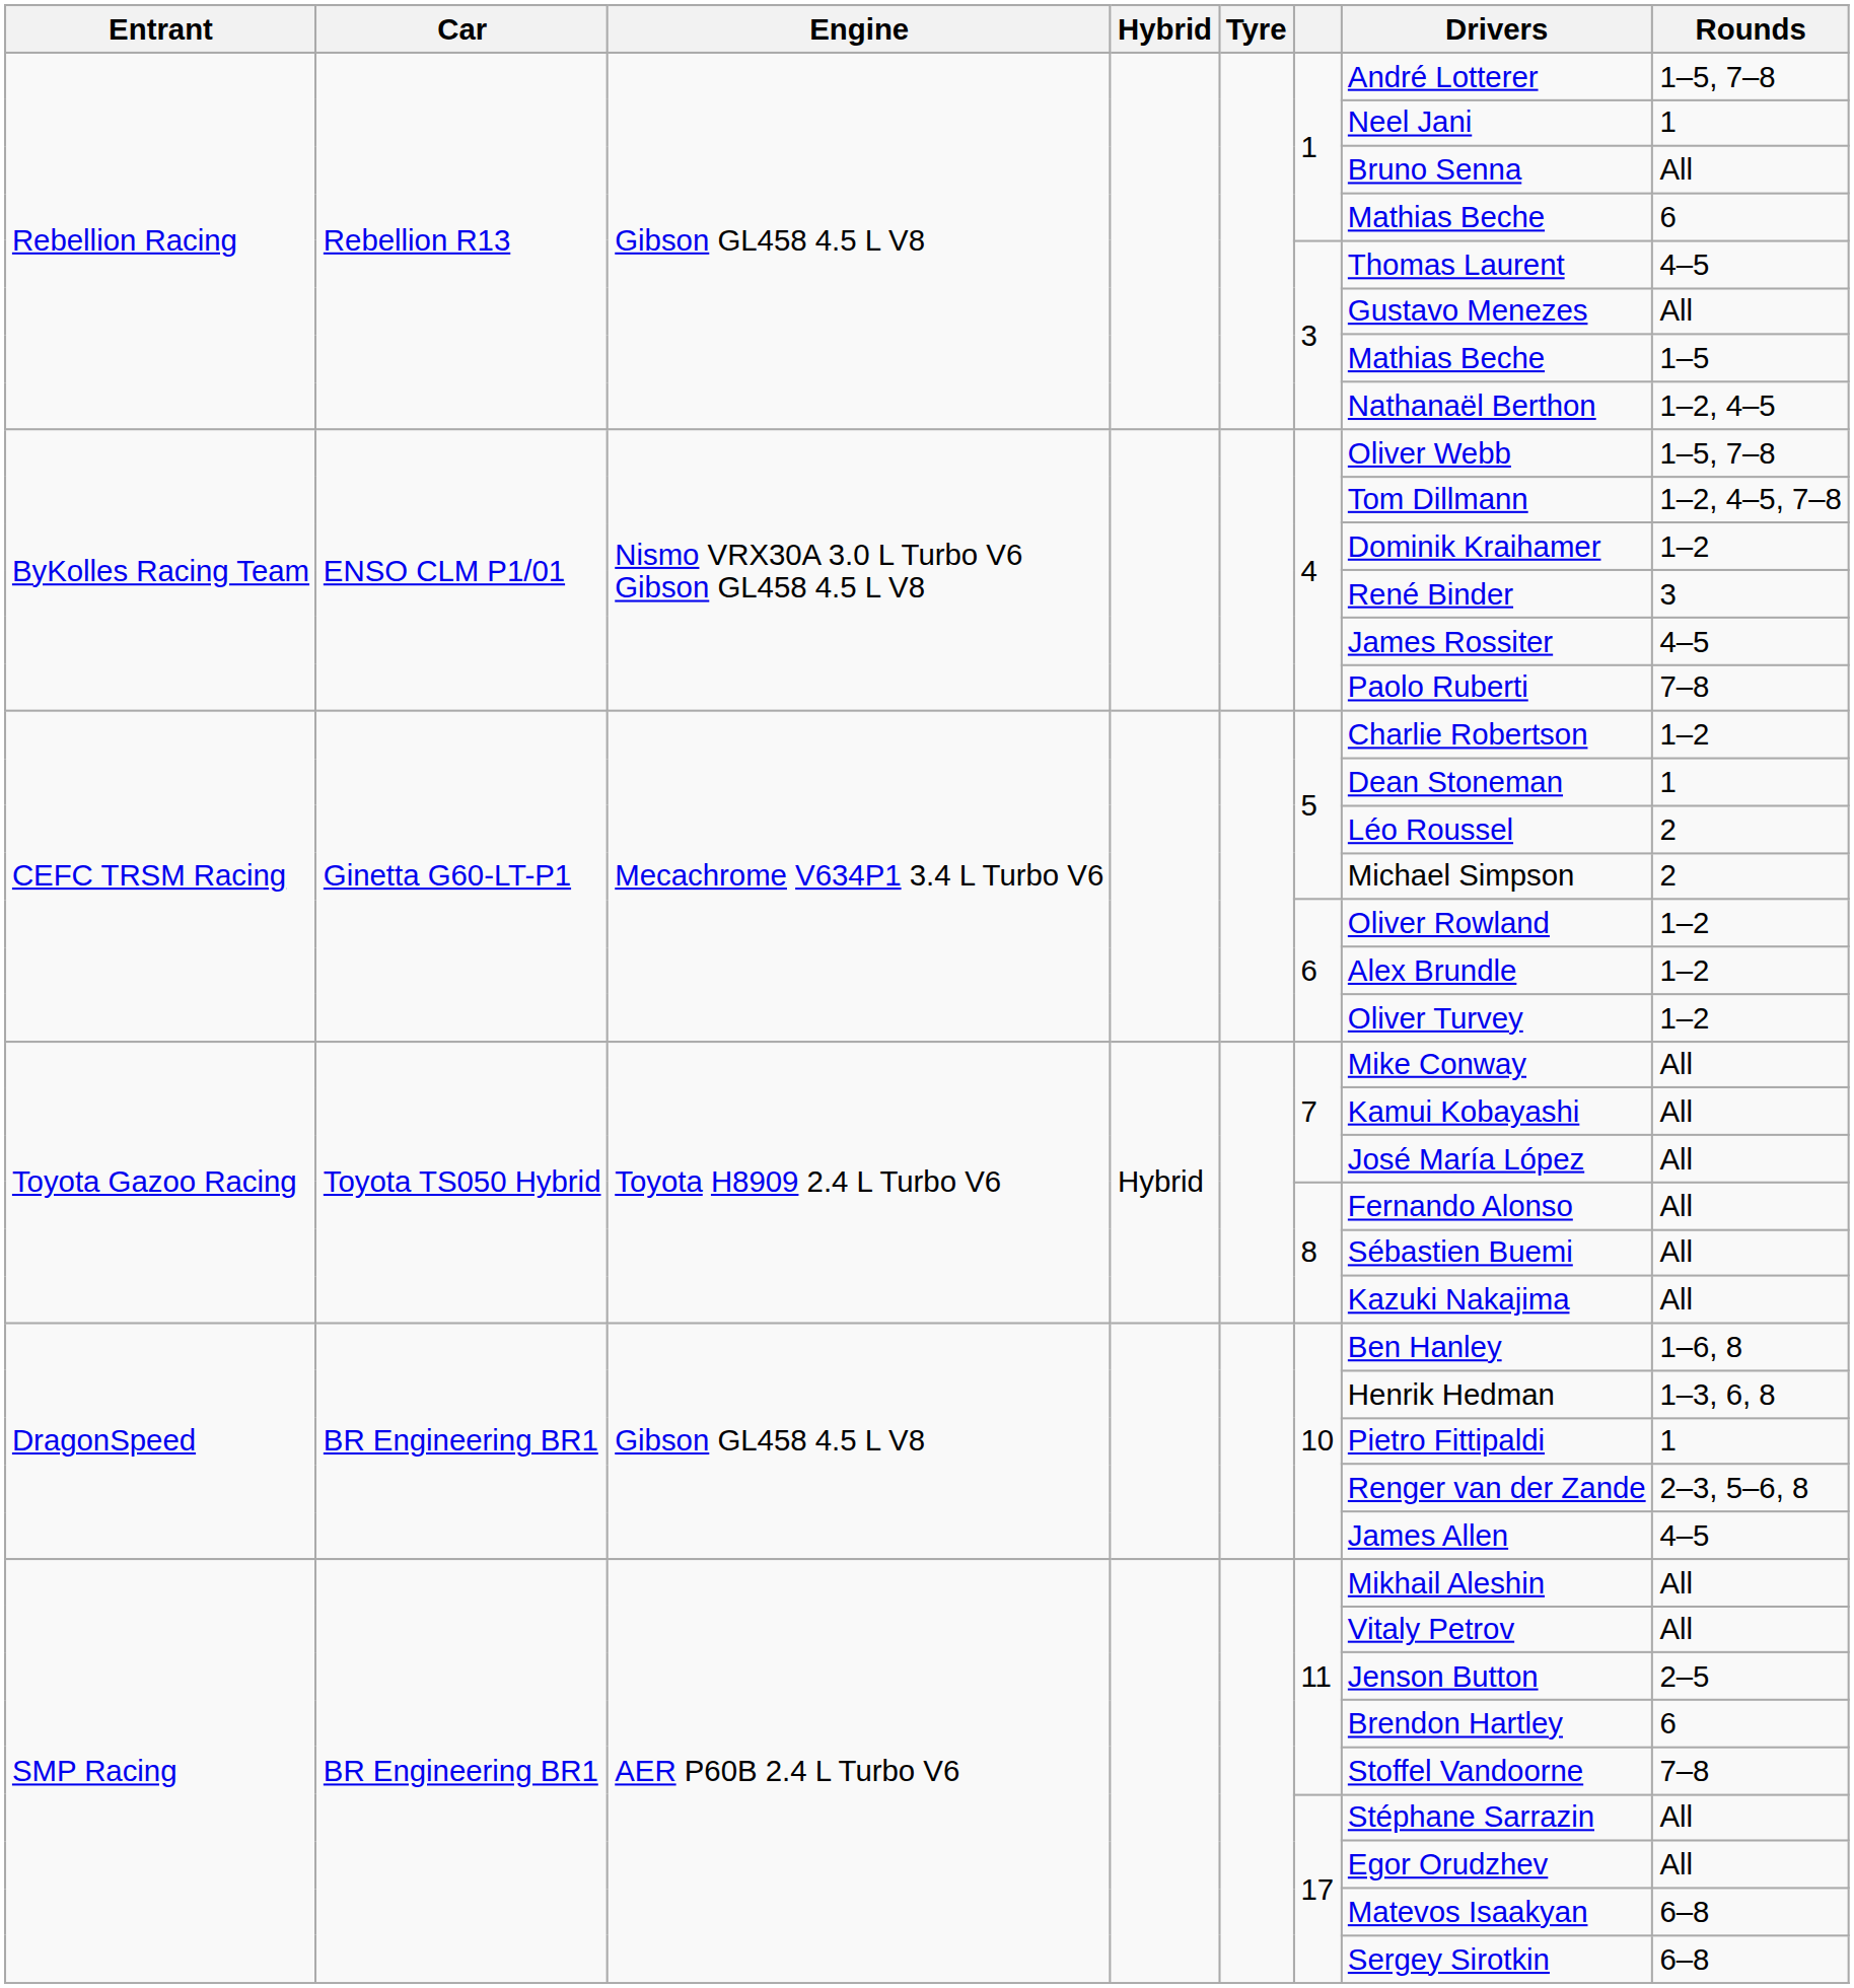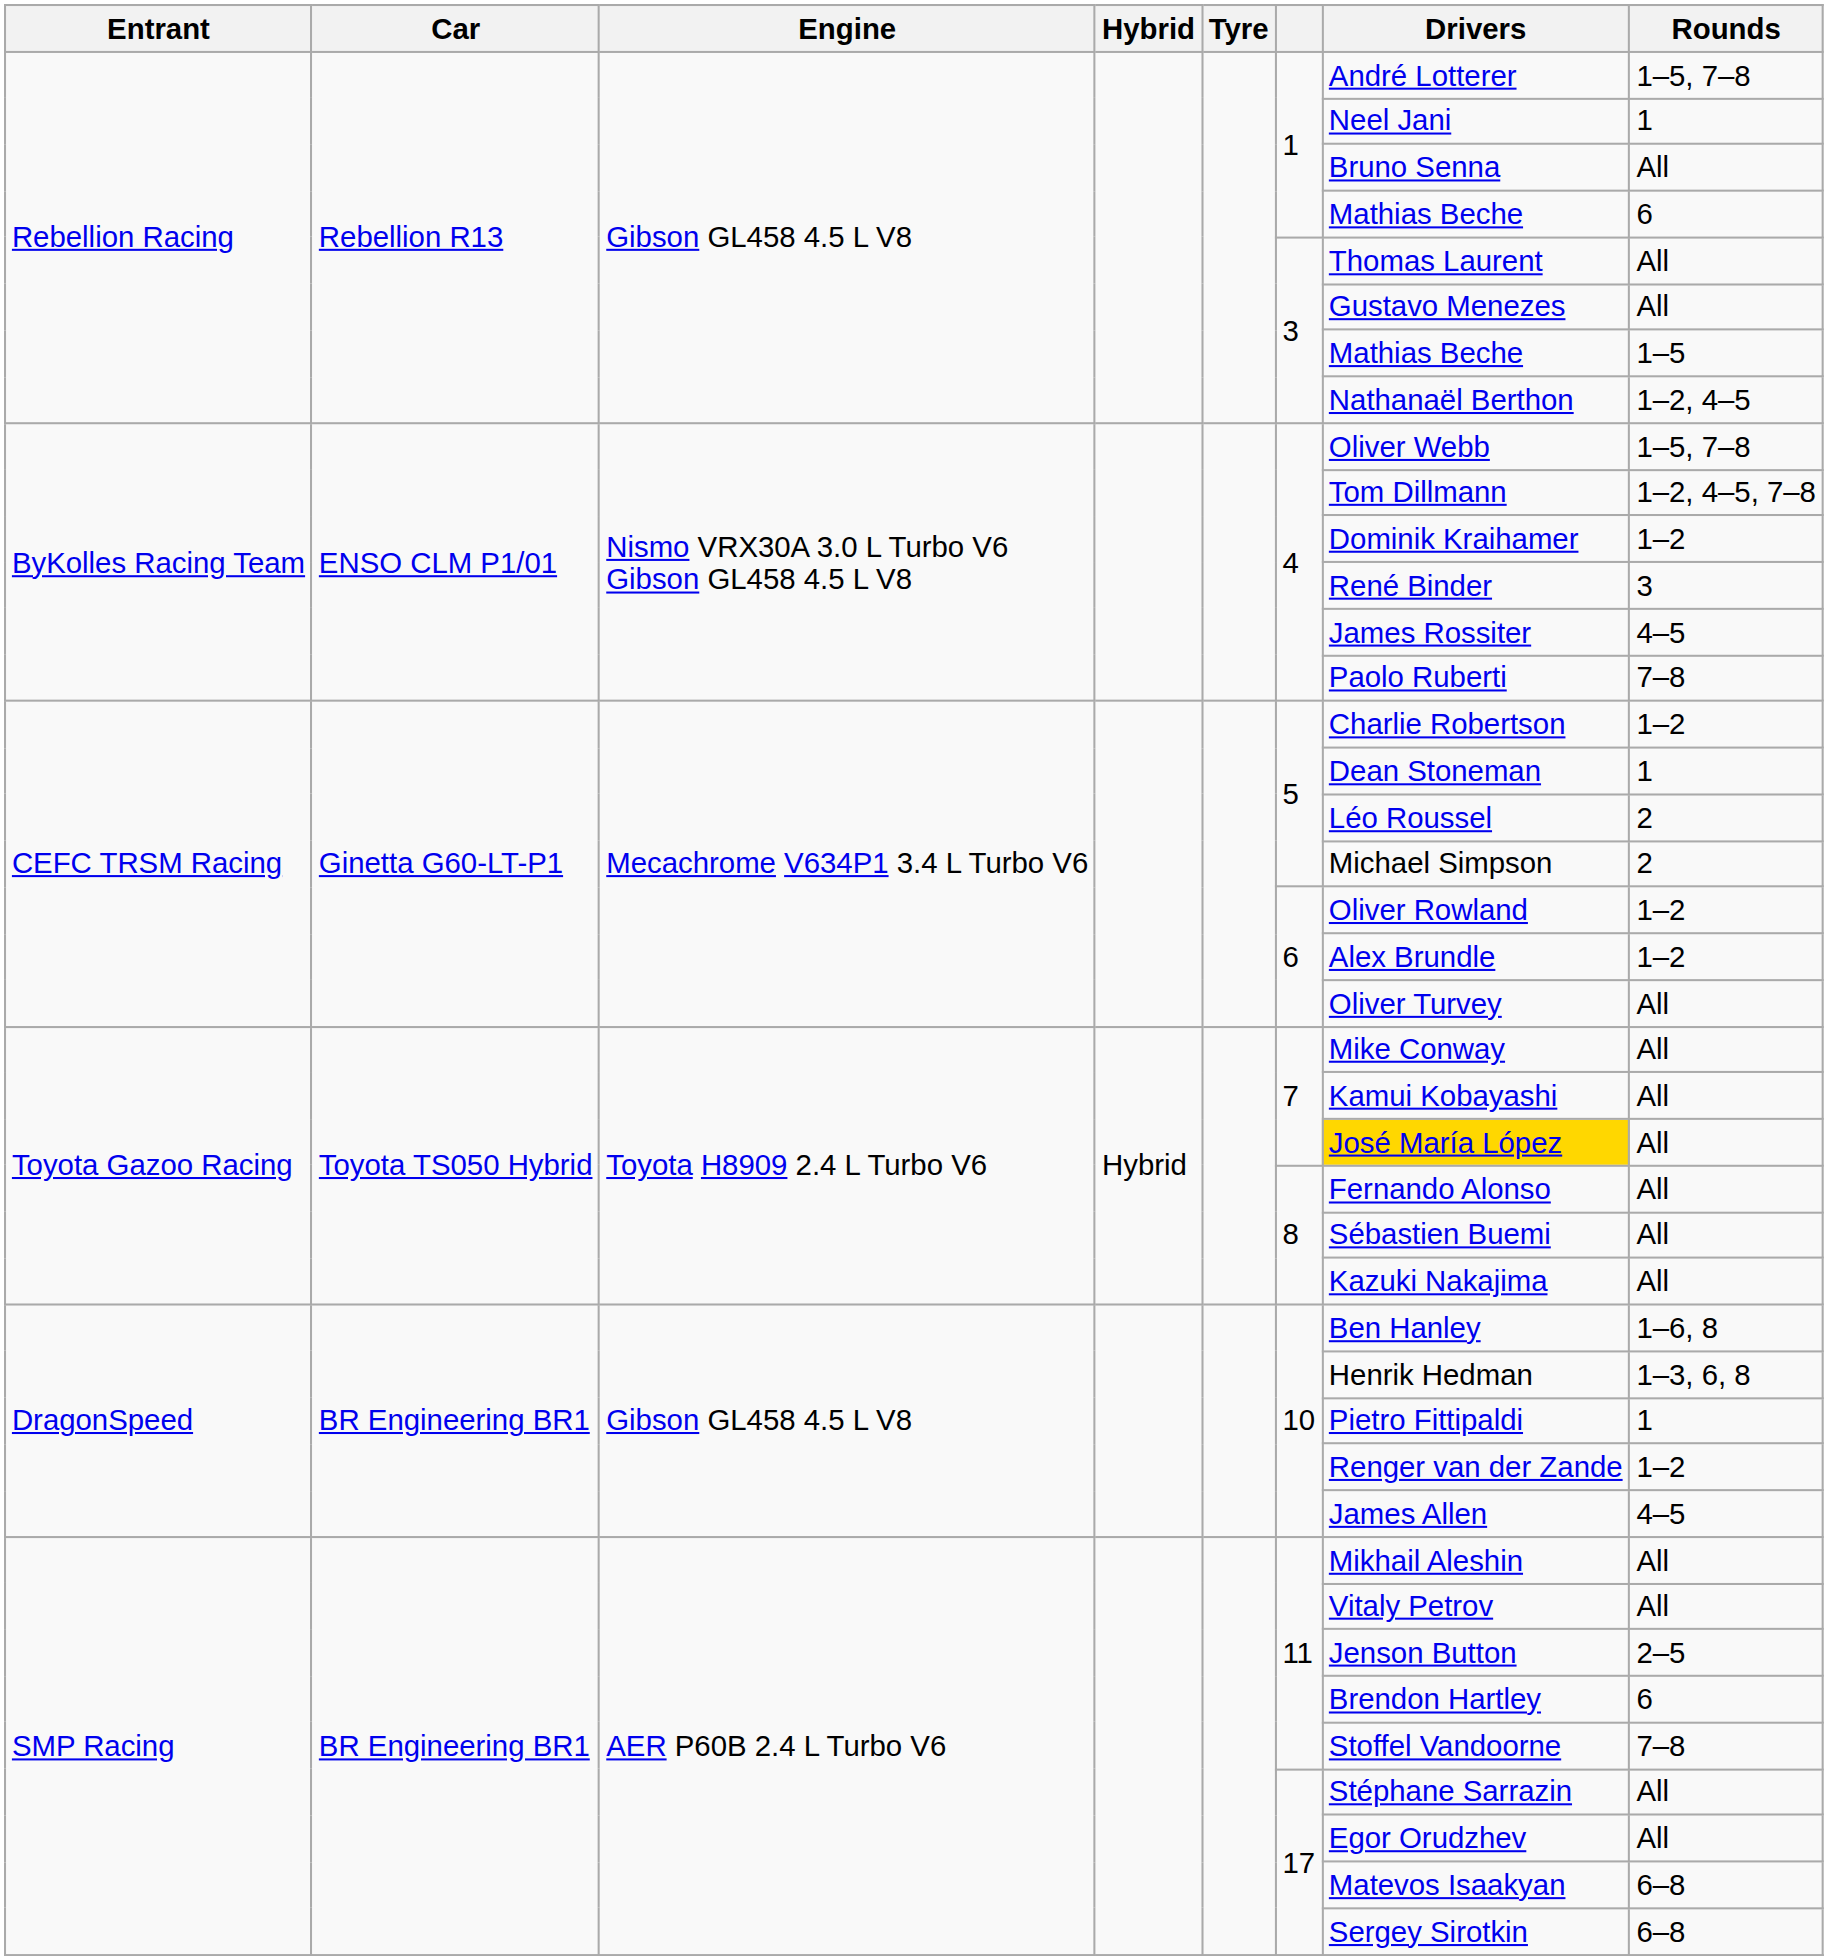 <table class="wikitable" style="font-size: 90%">
 <tr>
 <th>Entrant</th>
 <th>Car</th>
 <th>Engine</th>
 <th>Hybrid</th>
 <th>Tyre</th>
 <th></th>
 <th>Drivers</th>
 <th>Rounds</th>
 </tr>
 <tr>
 <td rowspan=8> <a href='#'>Rebellion Racing</a></td>
 <td rowspan=8><a href='#'>Rebellion R13</a></td>
 <td rowspan=8><a href='#'>Gibson</a> GL458 4.5 L V8</td>
 <td rowspan=8></td>
 <td rowspan=8></td>
 <td rowspan=4>1</td>
 <td> <a href='#'>André Lotterer</a></td>
 <td>1–5, 7–8</td>
 </tr>
 <tr>
 <td> <a href='#'>Neel Jani</a></td>
 <td>1</td>
 </tr>
 <tr>
 <td> <a href='#'>Bruno Senna</a></td>
 <td>All</td>
 </tr>
 <tr>
 <td> <a href='#'>Mathias Beche</a></td>
 <td>6</td>
 </tr>
 <tr>
 <td rowspan=4>3</td>
 <td> <a href='#'>Thomas Laurent</a></td>
-<td>4–5</td>
+<td>All</td>
 </tr>
 <tr>
 <td> <a href='#'>Gustavo Menezes</a></td>
 <td>All</td>
 </tr>
 <tr>
 <td> <a href='#'>Mathias Beche</a></td>
 <td>1–5</td>
 </tr>
 <tr>
 <td> <a href='#'>Nathanaël Berthon</a></td>
 <td>1–2, 4–5</td>
 </tr>
 <tr>
 <td rowspan=6> <a href='#'>ByKolles Racing Team</a></td>
 <td rowspan=6><a href='#'>ENSO CLM P1/01</a></td>
 <td rowspan=6><a href='#'>Nismo</a> VRX30A 3.0 L Turbo V6<br><a href='#'>Gibson</a> GL458 4.5 L V8</td>
 <td rowspan=6></td>
 <td rowspan=6></td>
 <td rowspan=6>4</td>
 <td> <a href='#'>Oliver Webb</a></td>
 <td>1–5, 7–8</td>
 </tr>
 <tr>
 <td> <a href='#'>Tom Dillmann</a></td>
 <td>1–2, 4–5, 7–8</td>
 </tr>
 <tr>
 <td> <a href='#'>Dominik Kraihamer</a></td>
 <td>1–2</td>
 </tr>
 <tr>
 <td> <a href='#'>René Binder</a></td>
 <td>3</td>
 </tr>
 <tr>
 <td> <a href='#'>James Rossiter</a></td>
 <td>4–5</td>
 </tr>
 <tr>
 <td> <a href='#'>Paolo Ruberti</a></td>
 <td>7–8</td>
 </tr>
 <tr>
 <td rowspan=7> <a href='#'>CEFC TRSM Racing</a></td>
 <td rowspan=7><a href='#'>Ginetta G60-LT-P1</a></td>
 <td rowspan=7><a href='#'>Mecachrome</a> <a href='#'>V634P1</a> 3.4 L Turbo V6<br></td>
 <td rowspan=7></td>
 <td rowspan=7></td>
 <td rowspan=4>5</td>
 <td> <a href='#'>Charlie Robertson</a></td>
 <td>1–2</td>
 </tr>
 <tr>
 <td> <a href='#'>Dean Stoneman</a></td>
 <td>1</td>
 </tr>
 <tr>
 <td> <a href='#'>Léo Roussel</a></td>
 <td>2</td>
 </tr>
 <tr>
 <td> Michael Simpson</td>
 <td>2</td>
 </tr>
 <tr>
 <td rowspan=3>6</td>
 <td> <a href='#'>Oliver Rowland</a></td>
 <td>1–2</td>
 </tr>
 <tr>
 <td> <a href='#'>Alex Brundle</a></td>
 <td>1–2</td>
 </tr>
 <tr>
 <td> <a href='#'>Oliver Turvey</a></td>
-<td>1–2</td>
+<td>All</td>
 </tr>
 <tr>
 <td rowspan=6> <a href='#'>Toyota Gazoo Racing</a></td>
 <td rowspan=6><a href='#'>Toyota TS050 Hybrid</a></td>
 <td rowspan=6><a href='#'>Toyota</a> <a href='#'>H8909</a> 2.4 L Turbo V6</td>
 <td rowspan=6>Hybrid</td>
 <td rowspan=6></td>
 <td rowspan=3>7</td>
 <td> <a href='#'>Mike Conway</a></td>
 <td>All</td>
 </tr>
 <tr>
 <td> <a href='#'>Kamui Kobayashi</a></td>
 <td>All</td>
 </tr>
 <tr>
-<td> <a href='#'>José María López</a></td>
+<td style="background: gold;"> <a href='#'>José María López</a></td>
 <td>All</td>
 </tr>
 <tr>
 <td rowspan=3>8</td>
 <td> <a href='#'>Fernando Alonso</a></td>
 <td>All</td>
 </tr>
 <tr>
 <td> <a href='#'>Sébastien Buemi</a></td>
 <td>All</td>
 </tr>
 <tr>
 <td> <a href='#'>Kazuki Nakajima</a></td>
 <td>All</td>
 </tr>
 <tr>
 <td rowspan=5> <a href='#'>DragonSpeed</a></td>
 <td rowspan=5><a href='#'>BR Engineering BR1</a></td>
 <td rowspan=5><a href='#'>Gibson</a> GL458 4.5 L V8</td>
 <td rowspan=5></td>
 <td rowspan=5></td>
 <td rowspan=5>10</td>
 <td> <a href='#'>Ben Hanley</a></td>
 <td>1–6, 8</td>
 </tr>
 <tr>
 <td> Henrik Hedman</td>
 <td>1–3, 6, 8</td>
 </tr>
 <tr>
 <td> <a href='#'>Pietro Fittipaldi</a></td>
 <td>1</td>
 </tr>
 <tr>
 <td> <a href='#'>Renger van der Zande</a></td>
-<td>2–3, 5–6, 8</td>
+<td>1–2</td>
 </tr>
 <tr>
 <td> <a href='#'>James Allen</a></td>
 <td>4–5</td>
 </tr>
 <tr>
 <td rowspan=9> <a href='#'>SMP Racing</a></td>
 <td rowspan=9><a href='#'>BR Engineering BR1</a></td>
 <td rowspan=9><a href='#'>AER</a> P60B 2.4 L Turbo V6</td>
 <td rowspan=9></td>
 <td rowspan=9></td>
 <td rowspan=5>11</td>
 <td> <a href='#'>Mikhail Aleshin</a></td>
 <td>All</td>
 </tr>
 <tr>
 <td> <a href='#'>Vitaly Petrov</a></td>
 <td>All</td>
 </tr>
 <tr>
 <td> <a href='#'>Jenson Button</a></td>
 <td>2–5</td>
 </tr>
 <tr>
 <td> <a href='#'>Brendon Hartley</a></td>
 <td>6</td>
 </tr>
 <tr>
 <td> <a href='#'>Stoffel Vandoorne</a></td>
 <td>7–8</td>
 </tr>
 <tr>
 <td rowspan=4>17</td>
 <td> <a href='#'>Stéphane Sarrazin</a></td>
 <td>All</td>
 </tr>
 <tr>
 <td> <a href='#'>Egor Orudzhev</a></td>
 <td>All</td>
 </tr>
 <tr>
 <td> <a href='#'>Matevos Isaakyan</a></td>
 <td>6–8</td>
 </tr>
 <tr>
 <td> <a href='#'>Sergey Sirotkin</a></td>
 <td>6–8</td>
 </tr>
 <tr>
 </tr>
 </table>
